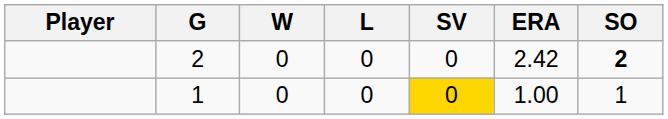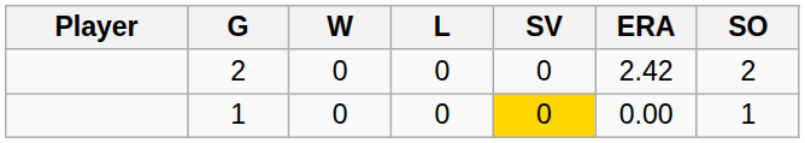 <table class="wikitable sortable">
 <tr>
 <th bgcolor="#DDDDFF" width="16%">Player</th>
 <th bgcolor="#DDDDFF" width="9%">G</th>
 <th bgcolor="#DDDDFF" width="9%">W</th>
 <th bgcolor="#DDDDFF" width="9%">L</th>
 <th bgcolor="#DDDDFF" width="9%">SV</th>
 <th bgcolor="#DDDDFF" width="9%">ERA</th>
 <th bgcolor="#DDDDFF" width="9%">SO</th>
 </tr>
 <tr align="center">
 <td></td>
 <td>2</td>
 <td>0</td>
 <td>0</td>
 <td>0</td>
 <td>2.42</td>
-<td><strong>2</strong></td>
+<td>2</td>
 </tr>
 <tr align="center">
 <td></td>
 <td>1</td>
 <td>0</td>
 <td>0</td>
 <td style="background: gold;">0</td>
-<td>1.00</td>
+<td>0.00</td>
 <td>1</td>
 </tr>
 </table>
